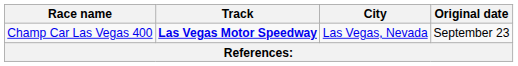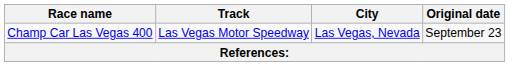 <table class="wikitable" style="font-size: 85%; white-space: nowrap;">
 <tr>
 <th>Race name</th>
 <th>Track</th>
 <th>City</th>
 <th>Original date</th>
 </tr>
 <tr>
 <td> <a href='#'>Champ Car Las Vegas 400</a></td>
-<td><strong> <a href='#'>Las Vegas Motor Speedway</a></strong></td>
+<td> <a href='#'>Las Vegas Motor Speedway</a></td>
 <td><a href='#'>Las Vegas, Nevada</a></td>
 <td>September 23</td>
 </tr>
 <tr>
 <th colspan="4">References:</th>
 </tr>
 </table>
